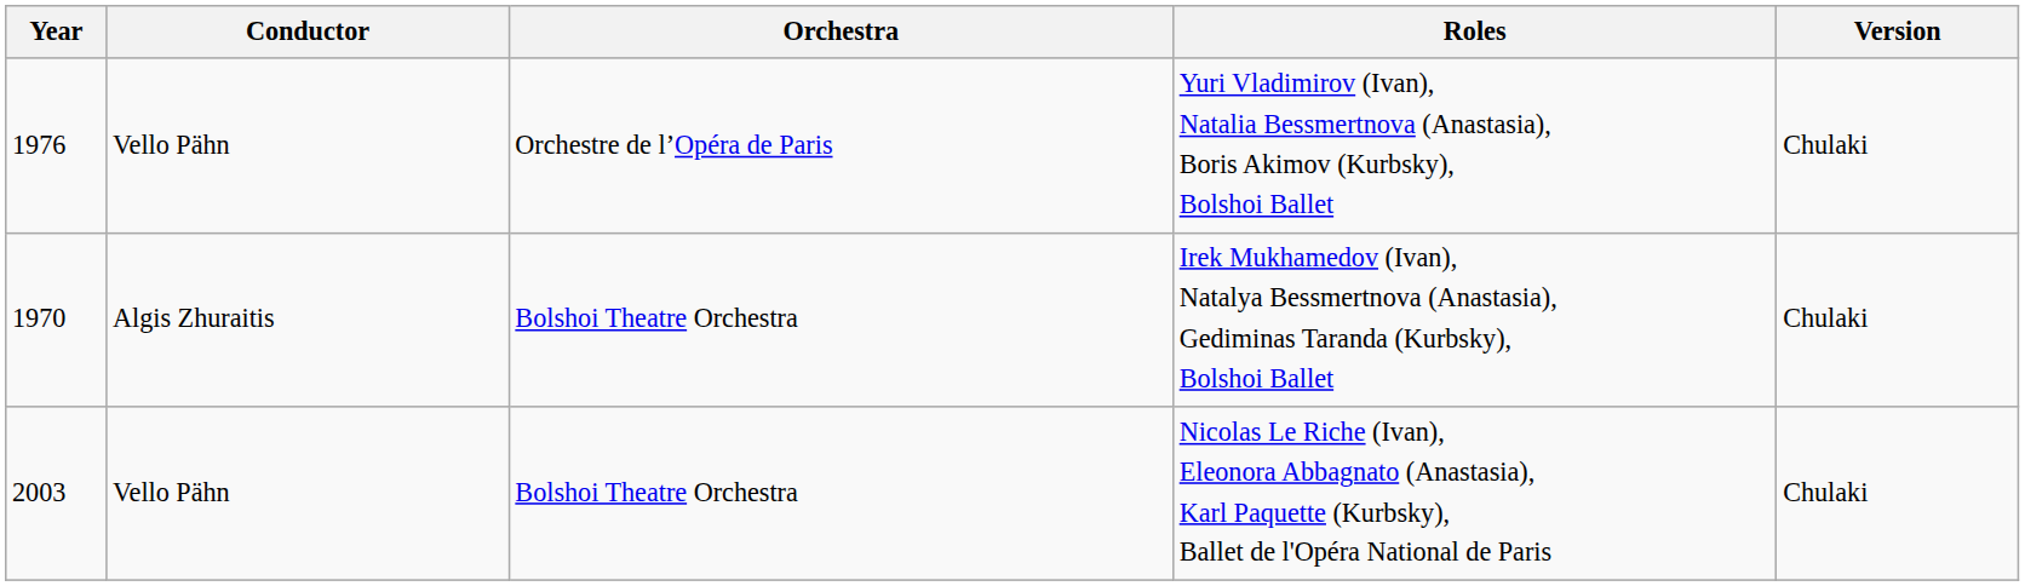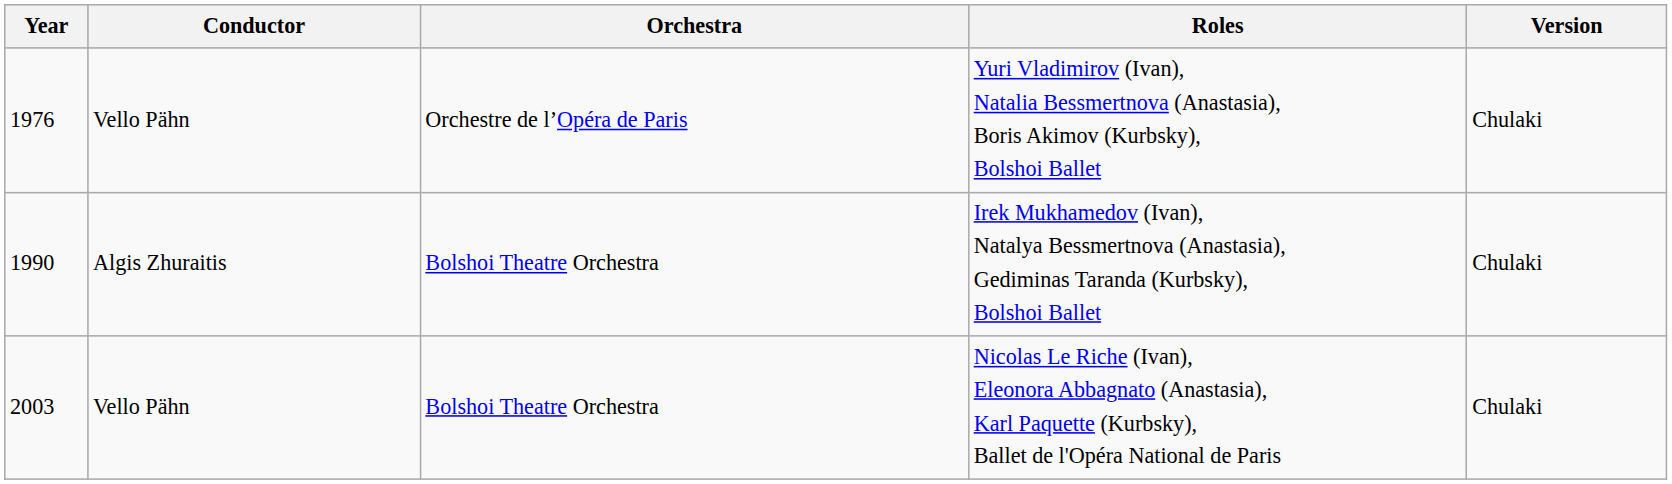 <table class="wikitable" border="1"; style="width:75em; font-size:90%; line-height:1.5">
 <tr>
 <th style="width:5%;">Year</th>
 <th style="width:20%;">Conductor</th>
 <th style="width:33%;">Orchestra</th>
 <th style="width:30%;">Roles</th>
 <th style="width:12%;">Version</th>
 </tr>
 <tr>
 <td>1976</td>
 <td>Vello Pähn</td>
 <td>Orchestre de l’<a href='#'>Opéra de Paris</a></td>
 <td><a href='#'>Yuri Vladimirov</a> (Ivan),<br><a href='#'>Natalia Bessmertnova</a> (Anastasia),<br>Boris Akimov (Kurbsky),<br><a href='#'>Bolshoi Ballet</a></td>
 <td>Chulaki</td>
 </tr>
 <tr>
-<td>1970</td>
+<td>1990</td>
 <td>Algis Zhuraitis</td>
 <td><a href='#'>Bolshoi Theatre</a> Orchestra</td>
 <td><a href='#'>Irek Mukhamedov</a> (Ivan),<br>Natalya Bessmertnova (Anastasia),<br>Gediminas Taranda (Kurbsky),<br><a href='#'>Bolshoi Ballet</a></td>
 <td>Chulaki</td>
 </tr>
 <tr>
 <td>2003</td>
 <td>Vello Pähn</td>
 <td><a href='#'>Bolshoi Theatre</a> Orchestra</td>
 <td><a href='#'>Nicolas Le Riche</a> (Ivan),<br><a href='#'>Eleonora Abbagnato</a> (Anastasia),<br><a href='#'>Karl Paquette</a> (Kurbsky),<br>Ballet de l'Opéra National de Paris</td>
 <td>Chulaki</td>
 </tr>
 </table>
